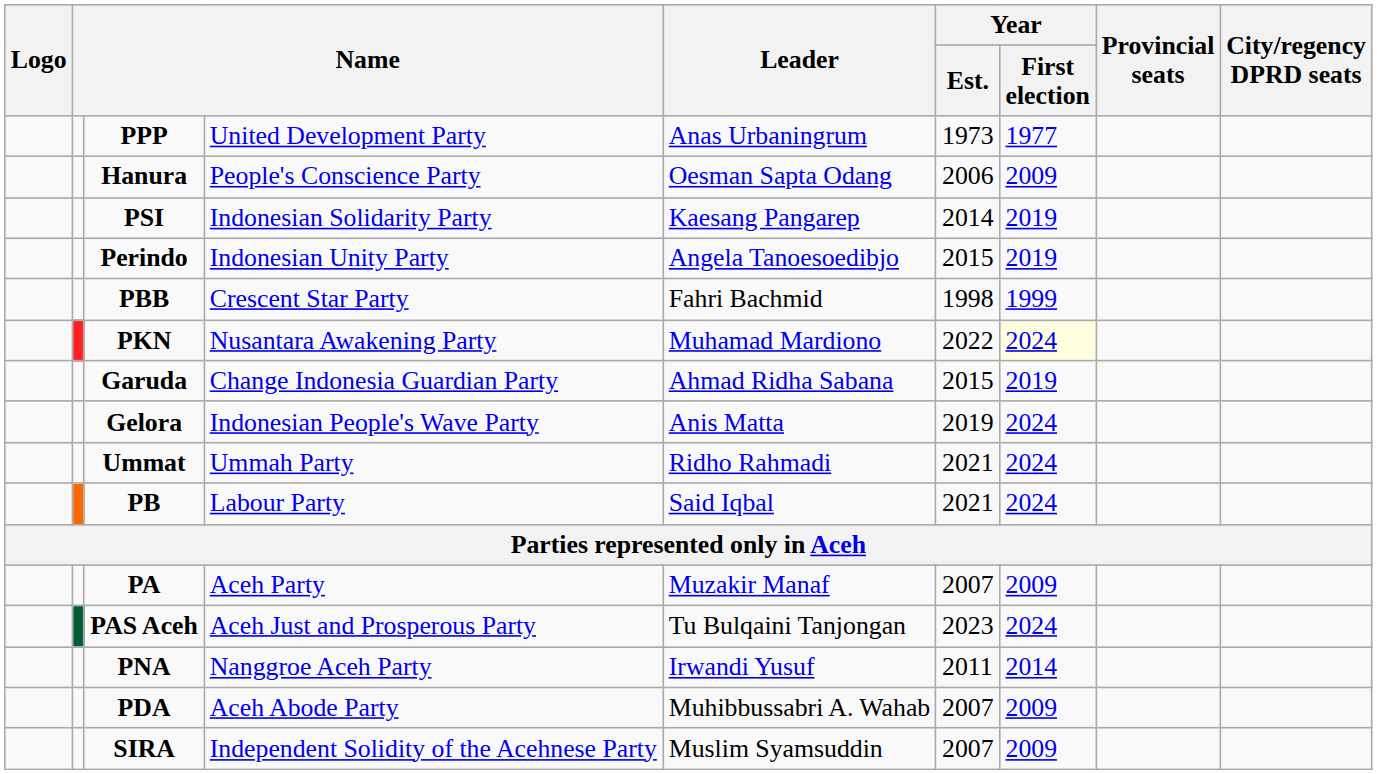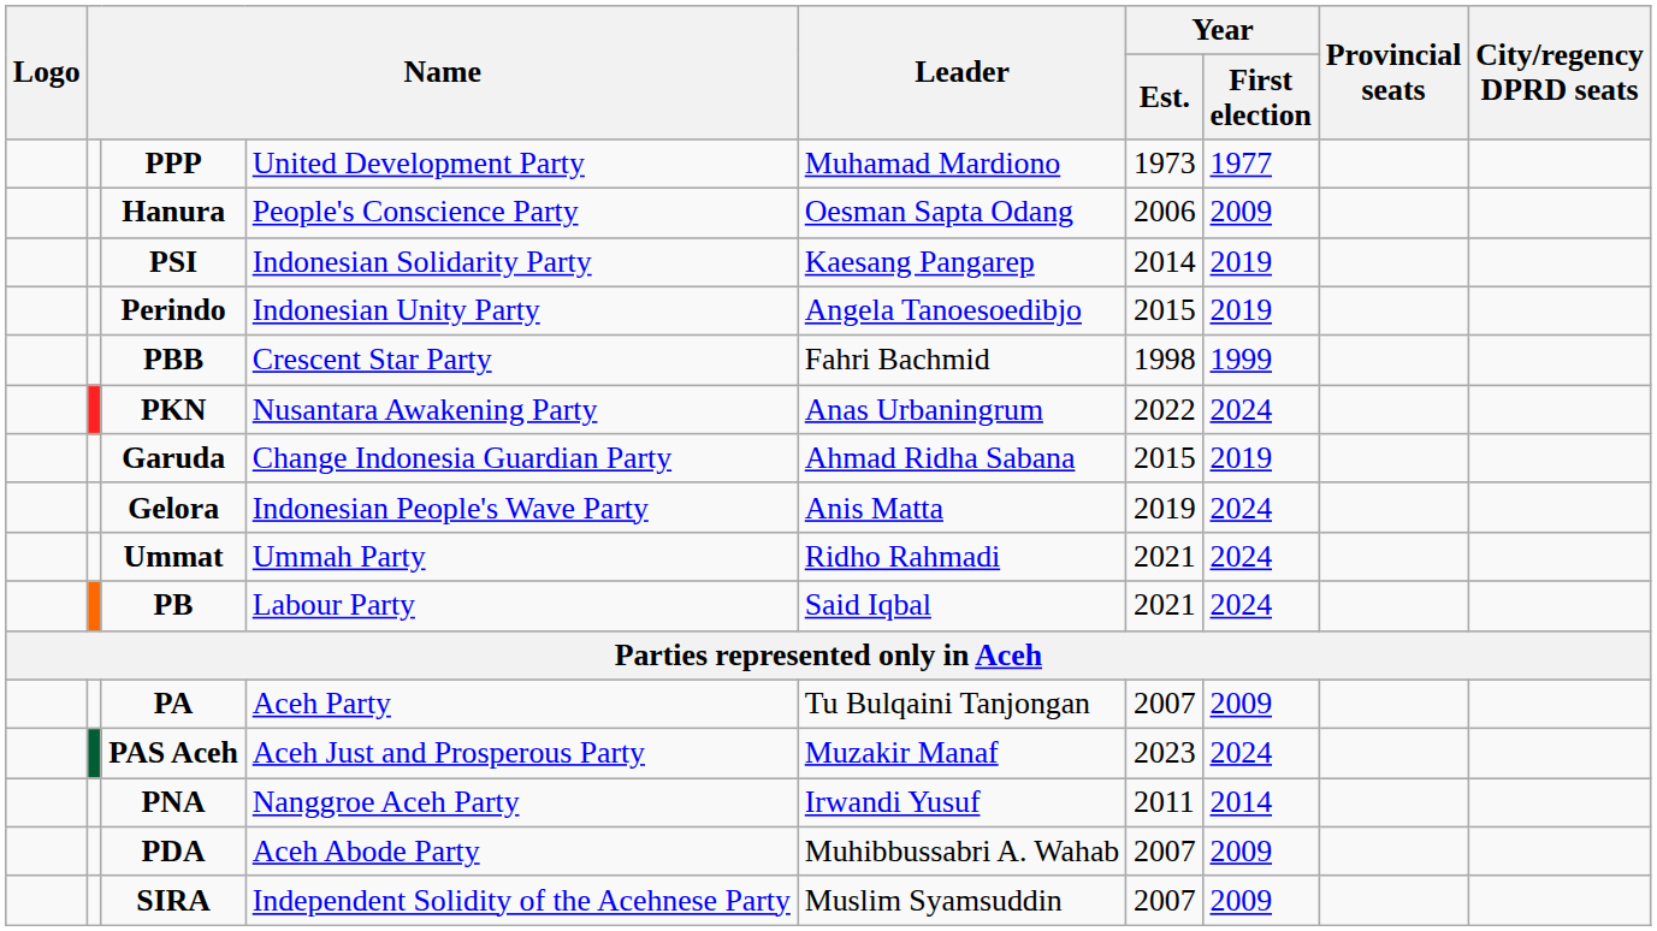 <table class="wikitable">
 <tr>
 <th rowspan="2">Logo</th>
 <th colspan="4" rowspan="2">Name</th>
 <th rowspan="2">Leader</th>
 <th colspan="2">Year</th>
 <th rowspan="2">Provincial<br> seats</th>
 <th rowspan="2">City/regency<br>DPRD seats</th>
 </tr>
 <tr>
 <th>Est.</th>
 <th>First<br>election</th>
 </tr>
 <tr>
 <td></td>
 <td style="background:"></td>
 <td colspan="2" style="text-align:center;"><strong>PPP</strong></td>
 <td><a href='#'>United Development Party</a><br></td>
-<td><a href='#'>Anas Urbaningrum</a></td>
+<td><a href='#'>Muhamad Mardiono</a></td>
 <td>1973</td>
 <td><a href='#'>1977</a></td>
 <td></td>
 <td></td>
 </tr>
 <tr>
 <td></td>
 <td style="background:"></td>
 <td colspan="2" style="text-align:center;"><strong>Hanura</strong></td>
 <td><a href='#'>People's Conscience Party</a><br></td>
 <td><a href='#'>Oesman Sapta Odang</a></td>
 <td>2006</td>
 <td><a href='#'>2009</a></td>
 <td></td>
 <td></td>
 </tr>
 <tr>
 <td></td>
 <td style="background:"></td>
 <td colspan="2" style="text-align:center;"><strong>PSI</strong></td>
 <td><a href='#'>Indonesian Solidarity Party</a><br></td>
 <td><a href='#'>Kaesang Pangarep</a></td>
 <td>2014</td>
 <td><a href='#'>2019</a></td>
 <td></td>
 <td></td>
 </tr>
 <tr>
 <td></td>
 <td style="background:"></td>
 <td colspan="2" style="text-align:center;"><strong>Perindo</strong></td>
 <td><a href='#'>Indonesian Unity Party</a><br></td>
 <td><a href='#'>Angela Tanoesoedibjo</a></td>
 <td>2015</td>
 <td><a href='#'>2019</a></td>
 <td></td>
 <td></td>
 </tr>
 <tr>
 <td></td>
 <td style="background:"></td>
 <td colspan="2" style="text-align:center;"><strong>PBB</strong></td>
 <td><a href='#'>Crescent Star Party</a><br></td>
 <td>Fahri Bachmid</td>
 <td>1998</td>
 <td><a href='#'>1999</a></td>
 <td></td>
 <td></td>
 </tr>
 <tr>
 <td></td>
 <td style="background:#FF2021;"></td>
 <td colspan="2" style="text-align:center;"><strong>PKN</strong></td>
 <td><a href='#'>Nusantara Awakening Party</a><br></td>
-<td><a href='#'>Muhamad Mardiono</a></td>
+<td><a href='#'>Anas Urbaningrum</a></td>
 <td>2022</td>
-<td style="background: lightyellow;"><a href='#'>2024</a></td>
+<td><a href='#'>2024</a></td>
 <td></td>
 <td></td>
 </tr>
 <tr>
 <td></td>
 <td style="background:"></td>
 <td colspan="2" style="text-align:center;"><strong>Garuda</strong></td>
 <td><a href='#'>Change Indonesia Guardian Party</a><br></td>
 <td><a href='#'>Ahmad Ridha Sabana</a></td>
 <td>2015</td>
 <td><a href='#'>2019</a></td>
 <td></td>
 <td></td>
 </tr>
 <tr>
 <td></td>
 <td style="background:"></td>
 <td colspan="2" style="text-align:center;"><strong>Gelora</strong></td>
 <td><a href='#'>Indonesian People's Wave Party</a><br></td>
 <td><a href='#'>Anis Matta</a></td>
 <td>2019</td>
 <td><a href='#'>2024</a></td>
 <td></td>
 <td></td>
 </tr>
 <tr>
 <td></td>
 <td style="background:"></td>
 <td colspan="2" style="text-align:center;"><strong>Ummat</strong></td>
 <td><a href='#'>Ummah Party</a><br></td>
 <td><a href='#'>Ridho Rahmadi</a></td>
 <td>2021</td>
 <td><a href='#'>2024</a></td>
 <td></td>
 <td></td>
 </tr>
 <tr>
 <td></td>
 <td style="background:#ff6800;"></td>
 <td colspan="2" style="text-align:center;"><strong>PB</strong></td>
 <td><a href='#'>Labour Party</a><br></td>
 <td><a href='#'>Said Iqbal</a></td>
 <td>2021</td>
 <td><a href='#'>2024</a></td>
 <td></td>
 <td></td>
 </tr>
 <tr>
 <th colspan="10">Parties represented only in <a href='#'>Aceh</a></th>
 </tr>
 <tr>
 <td></td>
 <td style="background:"></td>
 <td colspan="2" style="text-align:center;"><strong>PA</strong></td>
 <td><a href='#'>Aceh Party</a><br></td>
-<td><a href='#'>Muzakir Manaf</a></td>
+<td>Tu Bulqaini Tanjongan</td>
 <td>2007</td>
 <td><a href='#'>2009</a></td>
 <td></td>
 <td></td>
 </tr>
 <tr>
 <td></td>
 <td style="background:#005d34;"></td>
 <td colspan="2" style="text-align:center;"><strong>PAS Aceh</strong></td>
 <td><a href='#'>Aceh Just and Prosperous Party</a><br></td>
-<td>Tu Bulqaini Tanjongan</td>
+<td><a href='#'>Muzakir Manaf</a></td>
 <td>2023</td>
 <td><a href='#'>2024</a></td>
 <td></td>
 <td></td>
 </tr>
 <tr>
 <td></td>
 <td style="background:"></td>
 <td colspan="2" style="text-align:center;"><strong>PNA</strong></td>
 <td><a href='#'>Nanggroe Aceh Party</a><br></td>
 <td><a href='#'>Irwandi Yusuf</a></td>
 <td>2011</td>
 <td><a href='#'>2014</a></td>
 <td></td>
 <td></td>
 </tr>
 <tr>
 <td></td>
 <td style="background:"></td>
 <td colspan="2" style="text-align:center;"><strong>PDA</strong></td>
 <td><a href='#'>Aceh Abode Party</a><br></td>
 <td>Muhibbussabri A. Wahab</td>
 <td>2007</td>
 <td><a href='#'>2009</a></td>
 <td></td>
 <td></td>
 </tr>
 <tr>
 <td></td>
 <td style="background:"></td>
 <td colspan="2" style="text-align:center;"><strong>SIRA</strong></td>
 <td><a href='#'>Independent Solidity of the Acehnese Party</a><br></td>
 <td>Muslim Syamsuddin</td>
 <td>2007</td>
 <td><a href='#'>2009</a></td>
 <td></td>
 <td></td>
 </tr>
 <tr>
 </tr>
 </table>
